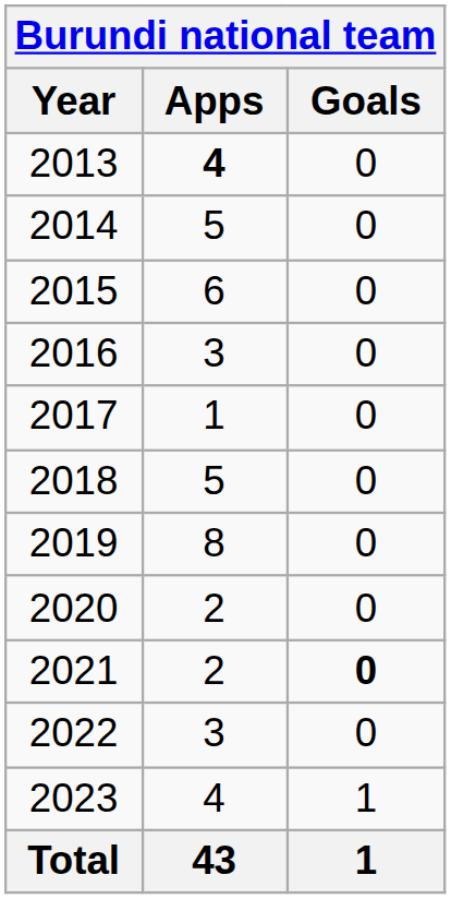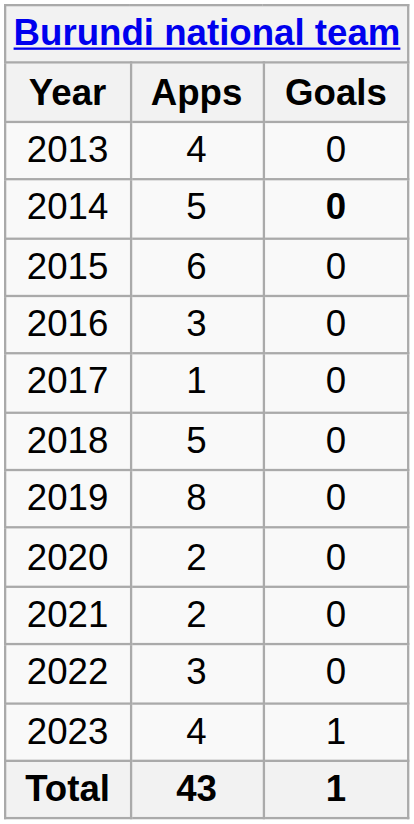 <table class="wikitable" style="text-align:center">
 <tr>
 <th colspan=3><a href='#'>Burundi national team</a></th>
 </tr>
 <tr>
 <th>Year</th>
 <th>Apps</th>
 <th>Goals</th>
 </tr>
 <tr>
 <td>2013</td>
-<td><strong>4</strong></td>
+<td>4</td>
 <td>0</td>
 </tr>
 <tr>
 <td>2014</td>
 <td>5</td>
-<td>0</td>
+<td><strong>0</strong></td>
 </tr>
 <tr>
 <td>2015</td>
 <td>6</td>
 <td>0</td>
 </tr>
 <tr>
 <td>2016</td>
 <td>3</td>
 <td>0</td>
 </tr>
 <tr>
 <td>2017</td>
 <td>1</td>
 <td>0</td>
 </tr>
 <tr>
 <td>2018</td>
 <td>5</td>
 <td>0</td>
 </tr>
 <tr>
 <td>2019</td>
 <td>8</td>
 <td>0</td>
 </tr>
 <tr>
 <td>2020</td>
 <td>2</td>
 <td>0</td>
 </tr>
 <tr>
 <td>2021</td>
 <td>2</td>
-<td><strong>0</strong></td>
+<td>0</td>
 </tr>
 <tr>
 <td>2022</td>
 <td>3</td>
 <td>0</td>
 </tr>
 <tr>
 <td>2023</td>
 <td>4</td>
 <td>1</td>
 </tr>
 <tr>
 <th>Total</th>
 <th>43</th>
 <th>1</th>
 </tr>
 </table>
